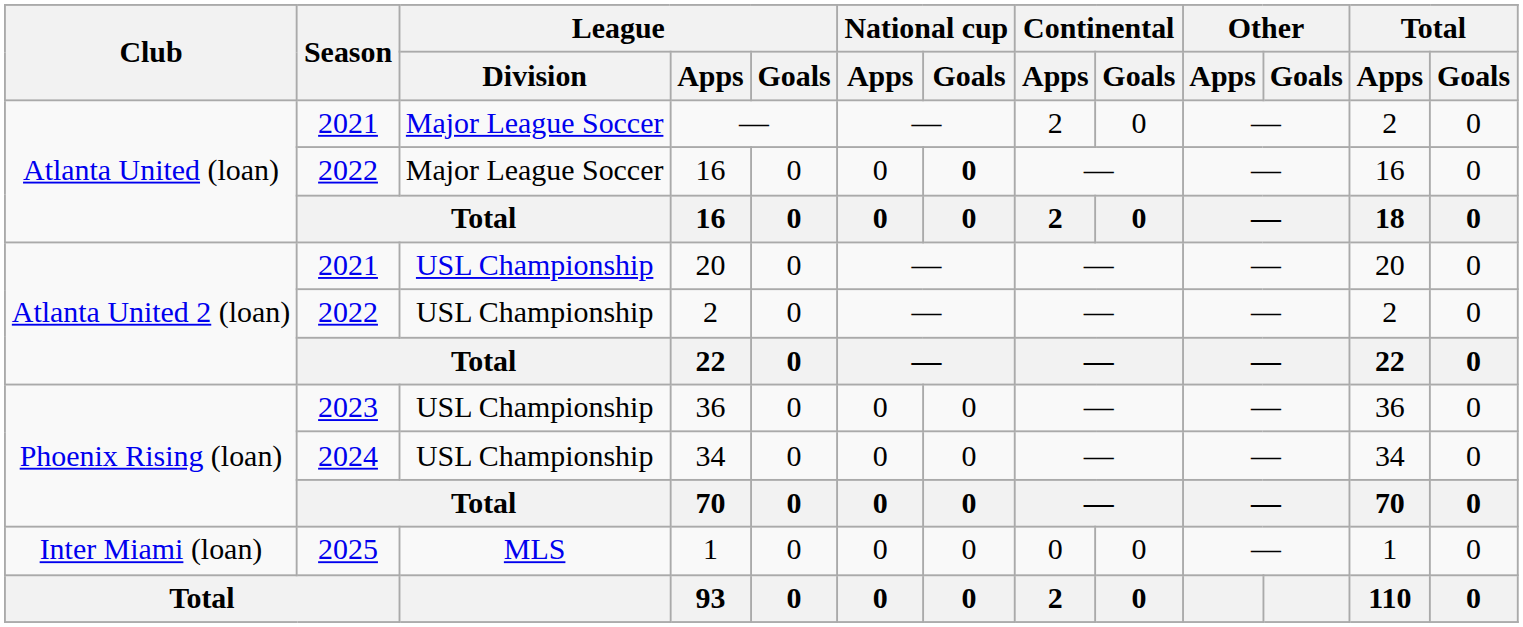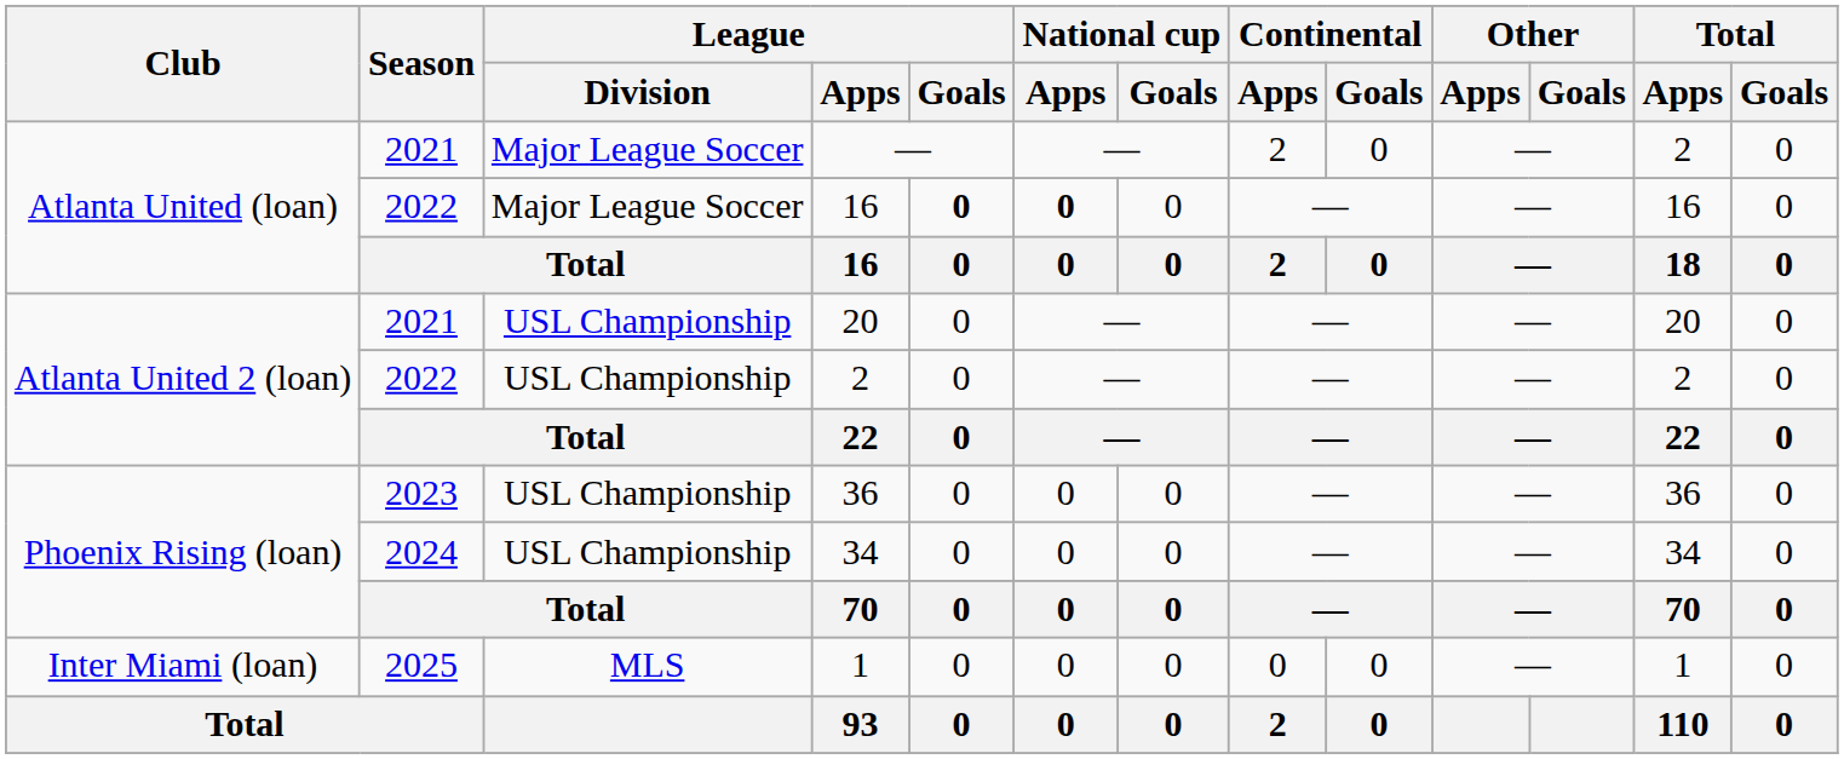 <table class=wikitable style=text-align:center>
 <tr>
 <th rowspan="2">Club</th>
 <th rowspan="2">Season</th>
 <th colspan="3">League</th>
 <th colspan="2">National cup</th>
 <th colspan="2">Continental</th>
 <th colspan="2">Other</th>
 <th colspan="2">Total</th>
 </tr>
 <tr>
 <th>Division</th>
 <th>Apps</th>
 <th>Goals</th>
 <th>Apps</th>
 <th>Goals</th>
 <th>Apps</th>
 <th>Goals</th>
 <th>Apps</th>
 <th>Goals</th>
 <th>Apps</th>
 <th>Goals</th>
 </tr>
 <tr>
 <td rowspan=3><a href='#'>Atlanta United</a> (loan)</td>
 <td><a href='#'>2021</a></td>
 <td><a href='#'>Major League Soccer</a></td>
 <td colspan=2>—</td>
 <td colspan=2>—</td>
 <td>2</td>
 <td>0</td>
 <td colspan=2>—</td>
 <td>2</td>
 <td>0</td>
 </tr>
 <tr>
 <td><a href='#'>2022</a></td>
 <td>Major League Soccer</td>
 <td>16</td>
+<td><strong>0</strong></td>
+<td><strong>0</strong></td>
 <td>0</td>
-<td>0</td>
-<td><strong>0</strong></td>
 <td colspan=2>—</td>
 <td colspan=2>—</td>
 <td>16</td>
 <td>0</td>
 </tr>
 <tr>
 <th colspan=2>Total</th>
 <th>16</th>
 <th>0</th>
 <th>0</th>
 <th>0</th>
 <th>2</th>
 <th>0</th>
 <th colspan=2>—</th>
 <th>18</th>
 <th>0</th>
 </tr>
 <tr>
 <td rowspan=3><a href='#'>Atlanta United 2</a> (loan)</td>
 <td><a href='#'>2021</a></td>
 <td><a href='#'>USL Championship</a></td>
 <td>20</td>
 <td>0</td>
 <td colspan=2>—</td>
 <td colspan=2>—</td>
 <td colspan=2>—</td>
 <td>20</td>
 <td>0</td>
 </tr>
 <tr>
 <td><a href='#'>2022</a></td>
 <td>USL Championship</td>
 <td>2</td>
 <td>0</td>
 <td colspan=2>—</td>
 <td colspan=2>—</td>
 <td colspan=2>—</td>
 <td>2</td>
 <td>0</td>
 </tr>
 <tr>
 <th colspan=2>Total</th>
 <th>22</th>
 <th>0</th>
 <th colspan=2>—</th>
 <th colspan=2>—</th>
 <th colspan=2>—</th>
 <th>22</th>
 <th>0</th>
 </tr>
 <tr>
 <td rowspan=3><a href='#'>Phoenix Rising</a> (loan)</td>
 <td><a href='#'>2023</a></td>
 <td>USL Championship</td>
 <td>36</td>
 <td>0</td>
 <td>0</td>
 <td>0</td>
 <td colspan=2>—</td>
 <td colspan=2>—</td>
 <td>36</td>
 <td>0</td>
 </tr>
 <tr>
 <td><a href='#'>2024</a></td>
 <td>USL Championship</td>
 <td>34</td>
 <td>0</td>
 <td>0</td>
 <td>0</td>
 <td colspan=2>—</td>
 <td colspan=2>—</td>
 <td>34</td>
 <td>0</td>
 </tr>
 <tr>
 <th colspan=2>Total</th>
 <th>70</th>
 <th>0</th>
 <th>0</th>
 <th>0</th>
 <th colspan=2>—</th>
 <th colspan=2>—</th>
 <th>70</th>
 <th>0</th>
 </tr>
 <tr>
 <td><a href='#'>Inter Miami</a> (loan)</td>
 <td><a href='#'>2025</a></td>
 <td><a href='#'>MLS</a></td>
 <td>1</td>
 <td>0</td>
 <td>0</td>
 <td>0</td>
 <td>0</td>
 <td>0</td>
 <td colspan="2">—</td>
 <td>1</td>
 <td>0</td>
 </tr>
 <tr>
 <th colspan="2">Total</th>
 <th></th>
 <th>93</th>
 <th>0</th>
 <th>0</th>
 <th>0</th>
 <th>2</th>
 <th>0</th>
 <th></th>
 <th></th>
 <th>110</th>
 <th>0</th>
 </tr>
 </table>
